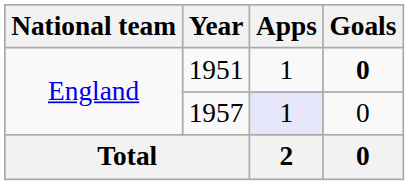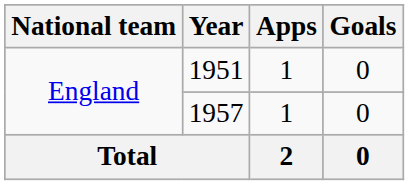 <table class=wikitable style="text-align: center">
 <tr>
 <th>National team</th>
 <th>Year</th>
 <th>Apps</th>
 <th>Goals</th>
 </tr>
 <tr>
 <td rowspan=2><a href='#'>England</a></td>
 <td>1951</td>
 <td>1</td>
-<td><strong>0</strong></td>
+<td>0</td>
 </tr>
 <tr>
 <td>1957</td>
-<td style="background: lavender;">1</td>
+<td>1</td>
 <td>0</td>
 </tr>
 <tr>
 <th colspan=2>Total</th>
 <th>2</th>
 <th>0</th>
 </tr>
 </table>
